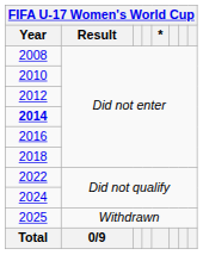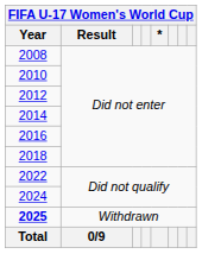 <table class="wikitable" style="text-align: center;">
 <tr>
 <th colspan=9><a href='#'>FIFA U-17 Women's World Cup</a></th>
 </tr>
 <tr>
 <th>Year</th>
 <th>Result</th>
 <th></th>
 <th></th>
 <th> *</th>
 <th></th>
 <th></th>
 <th></th>
 </tr>
 <tr>
 <td> <a href='#'>2008</a></td>
 <td rowspan=6 colspan=8><em>Did not enter</em></td>
 </tr>
 <tr>
 <td> <a href='#'>2010</a></td>
 </tr>
 <tr>
 <td> <a href='#'>2012</a></td>
 </tr>
 <tr>
-<td><strong> <a href='#'>2014</a></strong></td>
+<td> <a href='#'>2014</a></td>
 </tr>
 <tr>
 <td> <a href='#'>2016</a></td>
 </tr>
 <tr>
 <td> <a href='#'>2018</a></td>
 </tr>
 <tr>
 <td> <a href='#'>2022</a></td>
 <td rowspan=2 colspan=8><em>Did not qualify</em></td>
 </tr>
 <tr>
 <td> <a href='#'>2024</a></td>
 </tr>
 <tr>
-<td> <a href='#'>2025</a></td>
+<td><strong> <a href='#'>2025</a></strong></td>
 <td colspan=8><em>Withdrawn</em></td>
 </tr>
 <tr>
 <th>Total</th>
 <th>0/9</th>
 <th></th>
 <th></th>
 <th></th>
 <th></th>
 <th></th>
 <th></th>
 </tr>
 </table>
